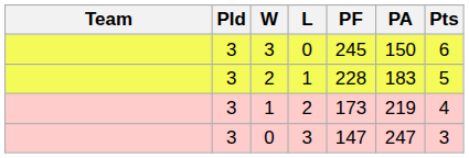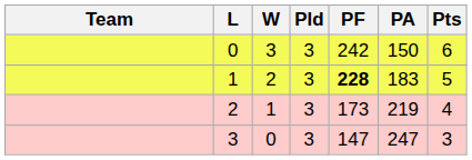 <table class="wikitable" style="text-align:center;">
 <tr>
 <th width=170>Team</th>
+<th width=25>L</th>
+<th width=25>W</th>
 <th width=25>Pld</th>
-<th width=25>W</th>
-<th width=25>L</th>
 <th width=35>PF</th>
 <th width=35>PA</th>
 <th width=25>Pts</th>
 </tr>
 <tr bgcolor=#F4FA58>
 <td align="left"></td>
+<td>0</td>
 <td>3</td>
 <td>3</td>
-<td>0</td>
-<td>245</td>
+<td>242</td>
 <td>150</td>
 <td>6</td>
 </tr>
 <tr bgcolor=#F4FA58>
 <td align="left"></td>
+<td>1</td>
+<td>2</td>
 <td>3</td>
-<td>2</td>
-<td>1</td>
-<td>228</td>
+<td><strong>228</strong></td>
 <td>183</td>
 <td>5</td>
 </tr>
 <tr bgcolor=#ffcccc>
 <td align="left"></td>
+<td>2</td>
+<td>1</td>
 <td>3</td>
-<td>1</td>
-<td>2</td>
 <td>173</td>
 <td>219</td>
 <td>4</td>
 </tr>
 <tr bgcolor=#ffcccc>
 <td align="left"></td>
 <td>3</td>
 <td>0</td>
 <td>3</td>
 <td>147</td>
 <td>247</td>
 <td>3</td>
 </tr>
 </table>
